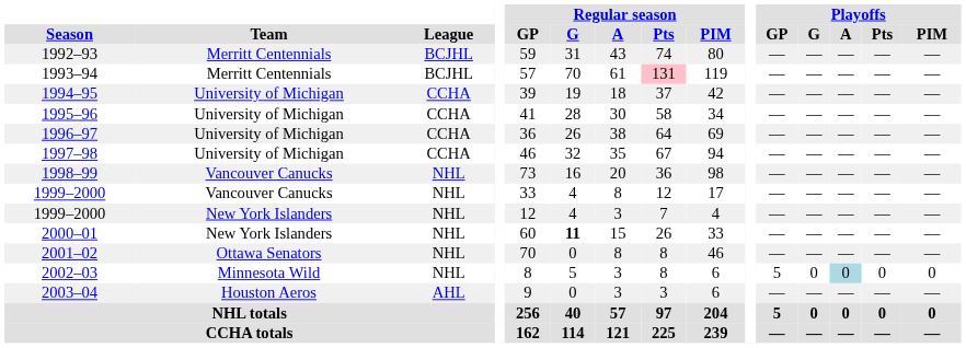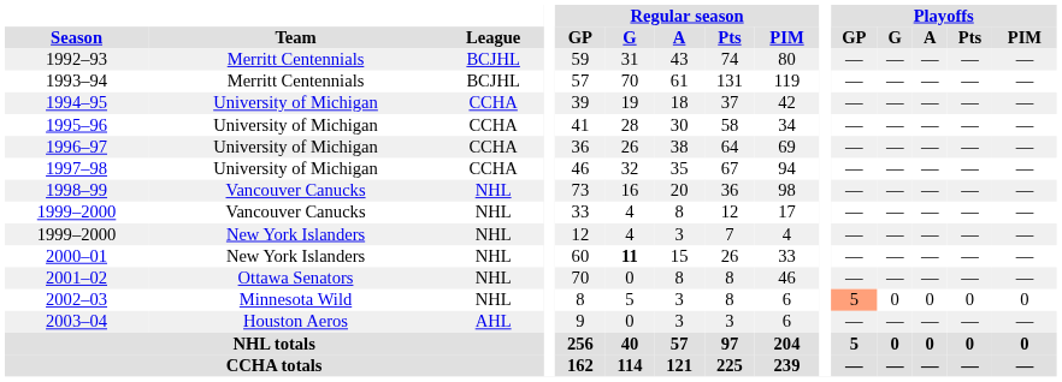 <table border="0" cellpadding="1" cellspacing="0" ID="Table3" style="text-align:center; width:60em">
 <tr bgcolor="#e0e0e0">
 <th colspan="3" bgcolor="#ffffff"> </th>
 <th rowspan="99" bgcolor="#ffffff"> </th>
 <th colspan="5"><a href='#'>Regular season</a></th>
 <th rowspan="99" bgcolor="#ffffff"> </th>
 <th colspan="5"><a href='#'>Playoffs</a></th>
 </tr>
 <tr bgcolor="#e0e0e0">
 <th><a href='#'>Season</a></th>
 <th>Team</th>
 <th>League</th>
 <th>GP</th>
 <th><a href='#'>G</a></th>
 <th><a href='#'>A</a></th>
 <th><a href='#'>Pts</a></th>
 <th><a href='#'>PIM</a></th>
 <th>GP</th>
 <th>G</th>
 <th>A</th>
 <th>Pts</th>
 <th>PIM</th>
 </tr>
 <tr bgcolor="#f0f0f0">
 <td>1992–93</td>
 <td><a href='#'>Merritt Centennials</a></td>
 <td><a href='#'>BCJHL</a></td>
 <td>59</td>
 <td>31</td>
 <td>43</td>
 <td>74</td>
 <td>80</td>
 <td>—</td>
 <td>—</td>
 <td>—</td>
 <td>—</td>
 <td>—</td>
 </tr>
 <tr>
 <td>1993–94</td>
 <td>Merritt Centennials</td>
 <td>BCJHL</td>
 <td>57</td>
 <td>70</td>
 <td>61</td>
-<td style="background: pink;">131</td>
+<td>131</td>
 <td>119</td>
 <td>—</td>
 <td>—</td>
 <td>—</td>
 <td>—</td>
 <td>—</td>
 </tr>
 <tr bgcolor="#f0f0f0">
 <td><a href='#'>1994–95</a></td>
 <td><a href='#'>University of Michigan</a></td>
 <td><a href='#'>CCHA</a></td>
 <td>39</td>
 <td>19</td>
 <td>18</td>
 <td>37</td>
 <td>42</td>
 <td>—</td>
 <td>—</td>
 <td>—</td>
 <td>—</td>
 <td>—</td>
 </tr>
 <tr>
 <td><a href='#'>1995–96</a></td>
 <td>University of Michigan</td>
 <td>CCHA</td>
 <td>41</td>
 <td>28</td>
 <td>30</td>
 <td>58</td>
 <td>34</td>
 <td>—</td>
 <td>—</td>
 <td>—</td>
 <td>—</td>
 <td>—</td>
 </tr>
 <tr bgcolor="#f0f0f0">
 <td><a href='#'>1996–97</a></td>
 <td>University of Michigan</td>
 <td>CCHA</td>
 <td>36</td>
 <td>26</td>
 <td>38</td>
 <td>64</td>
 <td>69</td>
 <td>—</td>
 <td>—</td>
 <td>—</td>
 <td>—</td>
 <td>—</td>
 </tr>
 <tr>
 <td><a href='#'>1997–98</a></td>
 <td>University of Michigan</td>
 <td>CCHA</td>
 <td>46</td>
 <td>32</td>
 <td>35</td>
 <td>67</td>
 <td>94</td>
 <td>—</td>
 <td>—</td>
 <td>—</td>
 <td>—</td>
 <td>—</td>
 </tr>
 <tr bgcolor="#f0f0f0">
 <td><a href='#'>1998–99</a></td>
 <td><a href='#'>Vancouver Canucks</a></td>
 <td><a href='#'>NHL</a></td>
 <td>73</td>
 <td>16</td>
 <td>20</td>
 <td>36</td>
 <td>98</td>
 <td>—</td>
 <td>—</td>
 <td>—</td>
 <td>—</td>
 <td>—</td>
 </tr>
 <tr>
 </tr>
 <tr>
 <td><a href='#'>1999–2000</a></td>
 <td>Vancouver Canucks</td>
 <td>NHL</td>
 <td>33</td>
 <td>4</td>
 <td>8</td>
 <td>12</td>
 <td>17</td>
 <td>—</td>
 <td>—</td>
 <td>—</td>
 <td>—</td>
 <td>—</td>
 </tr>
 <tr bgcolor="#f0f0f0">
 <td>1999–2000</td>
 <td><a href='#'>New York Islanders</a></td>
 <td>NHL</td>
 <td>12</td>
 <td>4</td>
 <td>3</td>
 <td>7</td>
 <td>4</td>
 <td>—</td>
 <td>—</td>
 <td>—</td>
 <td>—</td>
 <td>—</td>
 </tr>
 <tr>
 <td><a href='#'>2000–01</a></td>
 <td>New York Islanders</td>
 <td>NHL</td>
 <td>60</td>
 <td><strong>11</strong></td>
 <td>15</td>
 <td>26</td>
 <td>33</td>
 <td>—</td>
 <td>—</td>
 <td>—</td>
 <td>—</td>
 <td>—</td>
 </tr>
 <tr bgcolor="#f0f0f0">
 <td><a href='#'>2001–02</a></td>
 <td><a href='#'>Ottawa Senators</a></td>
 <td>NHL</td>
 <td>70</td>
 <td>0</td>
 <td>8</td>
 <td>8</td>
 <td>46</td>
 <td>—</td>
 <td>—</td>
 <td>—</td>
 <td>—</td>
 <td>—</td>
 </tr>
 <tr>
 <td><a href='#'>2002–03</a></td>
 <td><a href='#'>Minnesota Wild</a></td>
 <td>NHL</td>
 <td>8</td>
 <td>5</td>
 <td>3</td>
 <td>8</td>
 <td>6</td>
-<td>5</td>
+<td style="background: lightsalmon;">5</td>
 <td>0</td>
-<td style="background: lightblue;">0</td>
+<td>0</td>
 <td>0</td>
 <td>0</td>
 </tr>
 <tr bgcolor="#f0f0f0">
 <td><a href='#'>2003–04</a></td>
 <td><a href='#'>Houston Aeros</a></td>
 <td><a href='#'>AHL</a></td>
 <td>9</td>
 <td>0</td>
 <td>3</td>
 <td>3</td>
 <td>6</td>
 <td>—</td>
 <td>—</td>
 <td>—</td>
 <td>—</td>
 <td>—</td>
 </tr>
 <tr bgcolor="#e0e0e0">
 <th colspan="3">NHL totals</th>
 <th>256</th>
 <th>40</th>
 <th>57</th>
 <th>97</th>
 <th>204</th>
 <th>5</th>
 <th>0</th>
 <th>0</th>
 <th>0</th>
 <th>0</th>
 </tr>
 <tr bgcolor="#e0e0e0">
 <th colspan="3">CCHA totals</th>
 <th>162</th>
 <th>114</th>
 <th>121</th>
 <th>225</th>
 <th>239</th>
 <th>—</th>
 <th>—</th>
 <th>—</th>
 <th>—</th>
 <th>—</th>
 </tr>
 </table>
